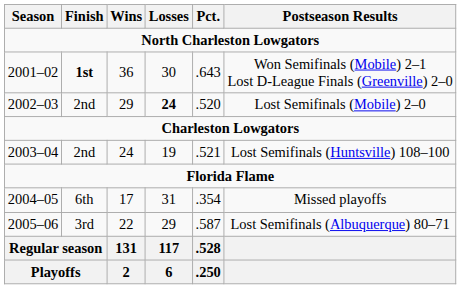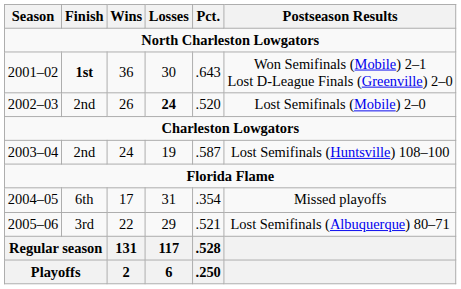 <table class="wikitable" style="font-size:95%">
 <tr align="center">
 <th>Season</th>
 <th>Finish</th>
 <th>Wins</th>
 <th>Losses</th>
 <th>Pct.</th>
 <th>Postseason Results</th>
 </tr>
 <tr>
 <td colspan=6 align=center><strong>North Charleston Lowgators</strong></td>
 </tr>
 <tr align="center">
 <td>2001–02</td>
 <td><strong>1st</strong></td>
 <td>36</td>
 <td>30</td>
 <td>.643</td>
 <td>Won Semifinals (<a href='#'>Mobile</a>) 2–1<br> Lost D-League Finals (<a href='#'>Greenville</a>) 2–0</td>
 </tr>
 <tr align="center">
 <td>2002–03</td>
 <td>2nd</td>
-<td>29</td>
+<td>26</td>
 <td><strong>24</strong></td>
 <td>.520</td>
 <td>Lost Semifinals (<a href='#'>Mobile</a>) 2–0</td>
 </tr>
 <tr>
 <td colspan=6 align=center><strong>Charleston Lowgators</strong></td>
 </tr>
 <tr align="center">
 <td>2003–04</td>
 <td>2nd</td>
 <td>24</td>
 <td>19</td>
-<td>.521</td>
+<td>.587</td>
 <td>Lost Semifinals (<a href='#'>Huntsville</a>) 108–100</td>
 </tr>
 <tr>
 <td colspan=6 align=center><strong>Florida Flame</strong></td>
 </tr>
 <tr align="center">
 <td>2004–05</td>
 <td>6th</td>
 <td>17</td>
 <td>31</td>
 <td>.354</td>
 <td>Missed playoffs</td>
 </tr>
 <tr align="center">
 <td>2005–06</td>
 <td>3rd</td>
 <td>22</td>
 <td>29</td>
-<td>.587</td>
+<td>.521</td>
 <td>Lost Semifinals (<a href='#'>Albuquerque</a>) 80–71</td>
 </tr>
 <tr align="center">
 <th colspan=2>Regular season</th>
 <th>131</th>
 <th>117</th>
 <th>.528</th>
 <th></th>
 </tr>
 <tr align="center">
 <th colspan=2>Playoffs</th>
 <th>2</th>
 <th>6</th>
 <th>.250</th>
 <th></th>
 </tr>
 </table>
